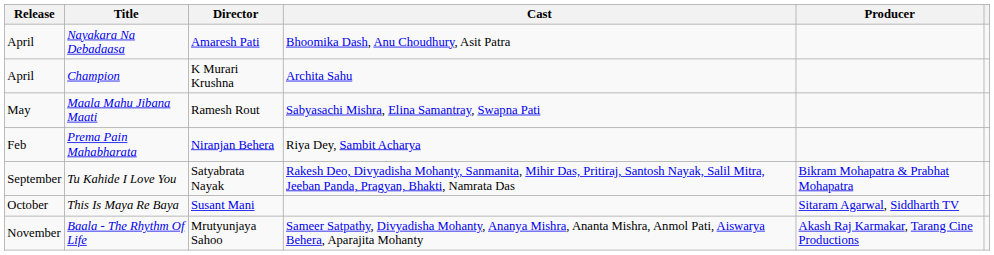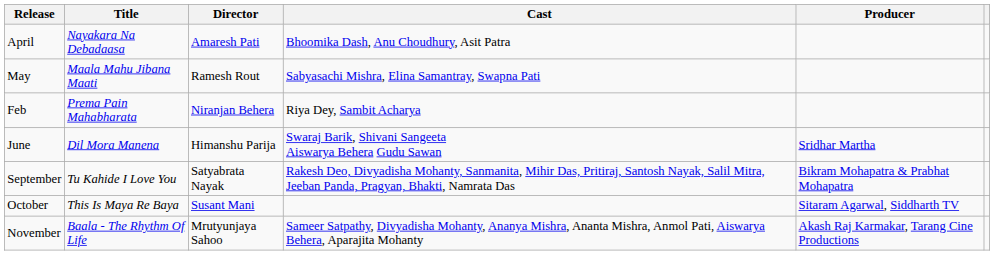 <table class="wikitable">
 <tr>
 <th>Release</th>
 <th>Title</th>
 <th>Director</th>
 <th>Cast</th>
 <th>Producer</th>
 <th></th>
 </tr>
 <tr>
 <td>April</td>
 <td><em><a href='#'>Nayakara Na Debadaasa</a></em></td>
 <td><a href='#'>Amaresh Pati</a></td>
 <td><a href='#'>Bhoomika Dash</a>, <a href='#'>Anu Choudhury</a>, Asit Patra</td>
 <td></td>
 <td></td>
 </tr>
 <tr>
-<td>April</td>
-<td><em><a href='#'>Champion</a></em></td>
-<td>K Murari Krushna</td>
-<td><a href='#'>Archita Sahu</a></td>
-<td></td>
-<td></td>
-</tr>
-<tr>
 <td>May</td>
 <td><em><a href='#'>Maala Mahu Jibana Maati</a></em></td>
 <td>Ramesh Rout</td>
 <td><a href='#'>Sabyasachi Mishra</a>, <a href='#'>Elina Samantray</a>, <a href='#'>Swapna Pati</a></td>
 <td></td>
 <td></td>
 </tr>
 <tr>
 <td>Feb</td>
 <td><em><a href='#'>Prema Pain Mahabharata</a></em></td>
 <td><a href='#'>Niranjan Behera</a></td>
 <td>Riya Dey, <a href='#'>Sambit Acharya</a></td>
 <td></td>
+<td></td>
+</tr>
+<tr>
+<td>June</td>
+<td><em><a href='#'>Dil Mora Manena</a></em></td>
+<td>Himanshu Parija</td>
+<td><a href='#'>Swaraj Barik</a>, <a href='#'>Shivani Sangeeta</a><br><a href='#'>Aiswarya Behera</a> <a href='#'>Gudu Sawan</a></td>
+<td><a href='#'>Sridhar Martha</a></td>
 <td></td>
 </tr>
 <tr>
 <td>September</td>
 <td><em>Tu Kahide I Love You</em></td>
 <td>Satyabrata Nayak</td>
 <td><a href='#'>Rakesh Deo, Divyadisha Mohanty, Sanmanita</a>, <a href='#'>Mihir Das, Pritiraj, Santosh Nayak, Salil Mitra, Jeeban Panda, Pragyan, Bhakti</a>, Namrata Das</td>
 <td><a href='#'>Bikram Mohapatra & Prabhat Mohapatra</a></td>
 <td></td>
 </tr>
 <tr>
 <td>October</td>
 <td><em>This Is Maya Re Baya</em></td>
 <td><a href='#'>Susant Mani</a></td>
 <td></td>
 <td><a href='#'>Sitaram Agarwal</a>, <a href='#'>Siddharth TV</a></td>
 <td></td>
 </tr>
 <tr>
 <td>November</td>
 <td><em><a href='#'>Baala - The Rhythm Of Life</a></em></td>
 <td>Mrutyunjaya Sahoo</td>
 <td><a href='#'>Sameer Satpathy</a>, <a href='#'>Divyadisha Mohanty</a>, <a href='#'>Ananya Mishra</a>, Ananta Mishra, Anmol Pati, <a href='#'>Aiswarya Behera</a>, Aparajita Mohanty</td>
 <td><a href='#'>Akash Raj Karmakar</a>, <a href='#'>Tarang Cine Productions</a></td>
 <td></td>
 </tr>
 </table>
